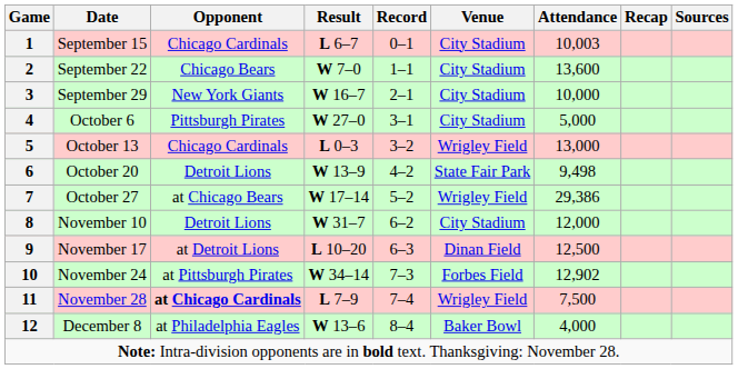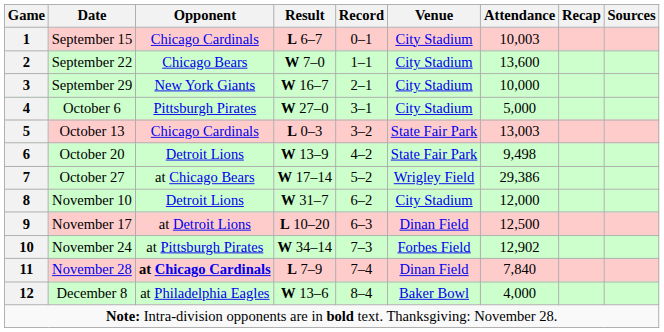 <table class="wikitable" style="text-align:center">
 <tr>
 <th>Game</th>
 <th>Date</th>
 <th>Opponent</th>
 <th>Result</th>
 <th>Record</th>
 <th>Venue</th>
 <th>Attendance</th>
 <th>Recap</th>
 <th>Sources</th>
 </tr>
 <tr style="background:#fcc">
 <th>1</th>
 <td>September 15</td>
 <td><a href='#'>Chicago Cardinals</a></td>
 <td><strong>L</strong> 6–7</td>
 <td>0–1</td>
 <td><a href='#'>City Stadium</a></td>
 <td>10,003</td>
 <td></td>
 <td></td>
 </tr>
 <tr style="background:#cfc">
 <th>2</th>
 <td>September 22</td>
 <td><a href='#'>Chicago Bears</a></td>
 <td><strong>W</strong> 7–0</td>
 <td>1–1</td>
 <td><a href='#'>City Stadium</a></td>
 <td>13,600</td>
 <td></td>
 <td></td>
 </tr>
 <tr style="background:#cfc">
 <th>3</th>
 <td>September 29</td>
 <td><a href='#'>New York Giants</a></td>
 <td><strong>W</strong> 16–7</td>
 <td>2–1</td>
 <td><a href='#'>City Stadium</a></td>
 <td>10,000</td>
 <td></td>
 <td></td>
 </tr>
 <tr style="background:#cfc">
 <th>4</th>
 <td>October 6</td>
 <td><a href='#'>Pittsburgh Pirates</a></td>
 <td><strong>W</strong> 27–0</td>
 <td>3–1</td>
 <td><a href='#'>City Stadium</a></td>
 <td>5,000</td>
 <td></td>
 <td></td>
 </tr>
 <tr style="background:#fcc">
 <th>5</th>
 <td>October 13</td>
 <td><a href='#'>Chicago Cardinals</a></td>
 <td><strong>L</strong> 0–3</td>
 <td>3–2</td>
-<td><a href='#'>Wrigley Field</a></td>
-<td>13,000</td>
+<td><a href='#'>State Fair Park</a></td>
+<td>13,003</td>
 <td></td>
 <td></td>
 </tr>
 <tr style="background:#cfc">
 <th>6</th>
 <td>October 20</td>
 <td><a href='#'>Detroit Lions</a></td>
 <td><strong>W</strong> 13–9</td>
 <td>4–2</td>
 <td><a href='#'>State Fair Park</a></td>
 <td>9,498</td>
 <td></td>
 <td></td>
 </tr>
 <tr style="background:#cfc">
 <th>7</th>
 <td>October 27</td>
 <td>at <a href='#'>Chicago Bears</a></td>
 <td><strong>W</strong> 17–14</td>
 <td>5–2</td>
 <td><a href='#'>Wrigley Field</a></td>
 <td>29,386</td>
 <td></td>
 <td></td>
 </tr>
 <tr style="background:#cfc">
 <th>8</th>
 <td>November 10</td>
 <td><a href='#'>Detroit Lions</a></td>
 <td><strong>W</strong> 31–7</td>
 <td>6–2</td>
 <td><a href='#'>City Stadium</a></td>
 <td>12,000</td>
 <td></td>
 <td></td>
 </tr>
 <tr style="background:#fcc">
 <th>9</th>
 <td>November 17</td>
 <td>at <a href='#'>Detroit Lions</a></td>
 <td><strong>L</strong> 10–20</td>
 <td>6–3</td>
 <td><a href='#'>Dinan Field</a></td>
 <td>12,500</td>
 <td></td>
 <td></td>
 </tr>
 <tr style="background:#cfc">
 <th>10</th>
 <td>November 24</td>
 <td>at <a href='#'>Pittsburgh Pirates</a></td>
 <td><strong>W</strong> 34–14</td>
 <td>7–3</td>
 <td><a href='#'>Forbes Field</a></td>
 <td>12,902</td>
 <td></td>
 <td></td>
 </tr>
 <tr style="background:#fcc">
 <th>11</th>
 <td><a href='#'>November 28</a></td>
 <td><strong>at <a href='#'>Chicago Cardinals</a></strong></td>
 <td><strong>L</strong> 7–9</td>
 <td>7–4</td>
-<td><a href='#'>Wrigley Field</a></td>
-<td>7,500</td>
+<td><a href='#'>Dinan Field</a></td>
+<td>7,840</td>
 <td></td>
 <td></td>
 </tr>
 <tr style="background:#cfc">
 <th>12</th>
 <td>December 8</td>
 <td>at <a href='#'>Philadelphia Eagles</a></td>
 <td><strong>W</strong> 13–6</td>
 <td>8–4</td>
 <td><a href='#'>Baker Bowl</a></td>
 <td>4,000</td>
 <td></td>
 <td></td>
 </tr>
 <tr>
 <td colspan="10"><strong>Note:</strong> Intra-division opponents are in <strong>bold</strong> text. Thanksgiving: November 28.</td>
 </tr>
 </table>
